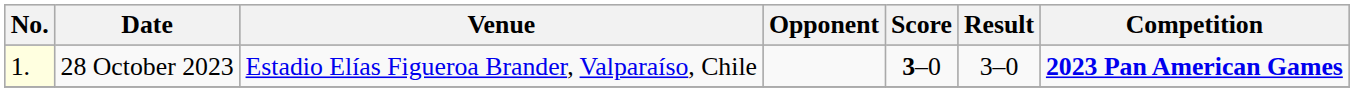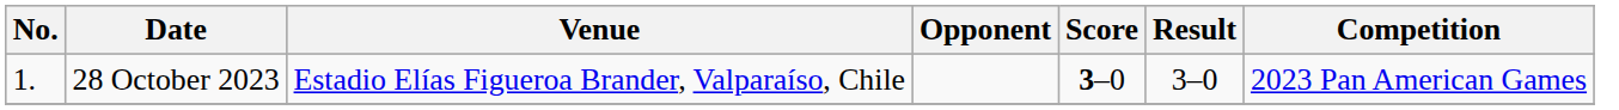 <table class="wikitable">
 <tr>
 <th>No.</th>
 <th>Date</th>
 <th>Venue</th>
 <th>Opponent</th>
 <th>Score</th>
 <th>Result</th>
 <th>Competition</th>
 </tr>
 <tr>
-<td style="background: lightyellow;">1.</td>
+<td>1.</td>
 <td>28 October 2023</td>
 <td><a href='#'>Estadio Elías Figueroa Brander</a>, <a href='#'>Valparaíso</a>, Chile</td>
 <td></td>
 <td align=center><strong>3</strong>–0</td>
 <td align=center>3–0</td>
-<td><strong><a href='#'>2023 Pan American Games</a></strong></td>
+<td><a href='#'>2023 Pan American Games</a></td>
 </tr>
 <tr>
 </tr>
 </table>
